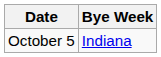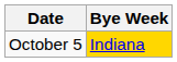 <table class="wikitable" style="font-size:95%;">
 <tr>
 <th>Date</th>
 <th>Bye Week</th>
 </tr>
 <tr>
 <td>October 5</td>
-<td><a href='#'>Indiana</a></td>
+<td style="background: gold;"><a href='#'>Indiana</a></td>
 </tr>
 </table>
